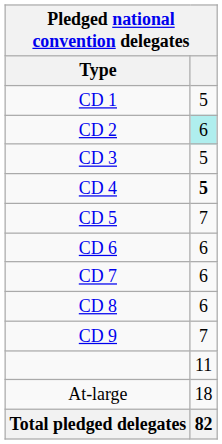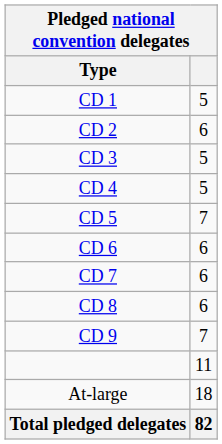 <table class="wikitable sortable" style="font-size:90%;text-align:center;float:right;padding:5px;">
 <tr>
 <th colspan="2">Pledged <a href='#'>national<br>convention</a> delegates</th>
 </tr>
 <tr>
 <th>Type</th>
 <th></th>
 </tr>
 <tr>
 <td><a href='#'>CD 1</a></td>
 <td>5</td>
 </tr>
 <tr>
 <td><a href='#'>CD 2</a></td>
-<td style="background: paleturquoise;">6</td>
+<td>6</td>
 </tr>
 <tr>
 <td><a href='#'>CD 3</a></td>
 <td>5</td>
 </tr>
 <tr>
 <td><a href='#'>CD 4</a></td>
-<td><strong>5</strong></td>
+<td>5</td>
 </tr>
 <tr>
 <td><a href='#'>CD 5</a></td>
 <td>7</td>
 </tr>
 <tr>
 <td><a href='#'>CD 6</a></td>
 <td>6</td>
 </tr>
 <tr>
 <td><a href='#'>CD 7</a></td>
 <td>6</td>
 </tr>
 <tr>
 <td><a href='#'>CD 8</a></td>
 <td>6</td>
 </tr>
 <tr>
 <td><a href='#'>CD 9</a></td>
 <td>7</td>
 </tr>
 <tr>
 <td></td>
 <td>11</td>
 </tr>
 <tr>
 <td>At-large</td>
 <td>18</td>
 </tr>
 <tr>
 <th>Total pledged delegates</th>
 <th>82</th>
 </tr>
 </table>
